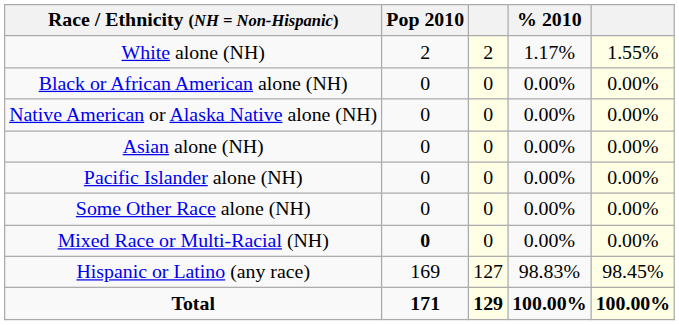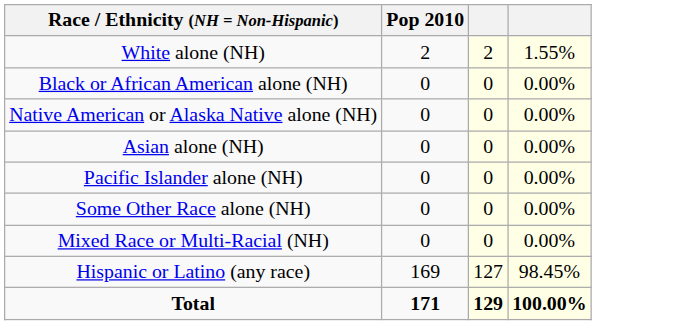 <table class="wikitable" style="text-align:center;">
 <tr>
 <th>Race / Ethnicity <small>(<em>NH = Non-Hispanic</em>)</small></th>
 <th>Pop 2010</th>
 <th></th>
-<th>% 2010</th>
 <th></th>
 </tr>
 <tr>
 <td><a href='#'>White</a> alone (NH)</td>
 <td>2</td>
 <td style='background: #ffffe6;'>2</td>
-<td>1.17%</td>
 <td style='background: #ffffe6;'>1.55%</td>
 </tr>
 <tr>
 <td><a href='#'>Black or African American</a> alone (NH)</td>
 <td>0</td>
 <td style='background: #ffffe6;'>0</td>
-<td>0.00%</td>
 <td style='background: #ffffe6;'>0.00%</td>
 </tr>
 <tr>
 <td><a href='#'>Native American</a> or <a href='#'>Alaska Native</a> alone (NH)</td>
 <td>0</td>
 <td style='background: #ffffe6;'>0</td>
-<td>0.00%</td>
 <td style='background: #ffffe6;'>0.00%</td>
 </tr>
 <tr>
 <td><a href='#'>Asian</a> alone (NH)</td>
 <td>0</td>
 <td style='background: #ffffe6;'>0</td>
-<td>0.00%</td>
 <td style='background: #ffffe6;'>0.00%</td>
 </tr>
 <tr>
 <td><a href='#'>Pacific Islander</a> alone (NH)</td>
 <td>0</td>
 <td style='background: #ffffe6;'>0</td>
-<td>0.00%</td>
 <td style='background: #ffffe6;'>0.00%</td>
 </tr>
 <tr>
 <td><a href='#'>Some Other Race</a> alone (NH)</td>
 <td>0</td>
 <td style='background: #ffffe6;'>0</td>
-<td>0.00%</td>
 <td style='background: #ffffe6;'>0.00%</td>
 </tr>
 <tr>
 <td><a href='#'>Mixed Race or Multi-Racial</a> (NH)</td>
-<td><strong>0</strong></td>
+<td>0</td>
 <td style='background: #ffffe6;'>0</td>
-<td>0.00%</td>
 <td style='background: #ffffe6;'>0.00%</td>
 </tr>
 <tr>
 <td><a href='#'>Hispanic or Latino</a> (any race)</td>
 <td>169</td>
 <td style='background: #ffffe6;'>127</td>
-<td>98.83%</td>
 <td style='background: #ffffe6;'>98.45%</td>
 </tr>
 <tr>
 <td><strong>Total</strong></td>
 <td><strong>171</strong></td>
 <td style='background: #ffffe6;'><strong>129</strong></td>
-<td><strong>100.00%</strong></td>
 <td style='background: #ffffe6;'><strong>100.00%</strong></td>
 </tr>
 </table>
